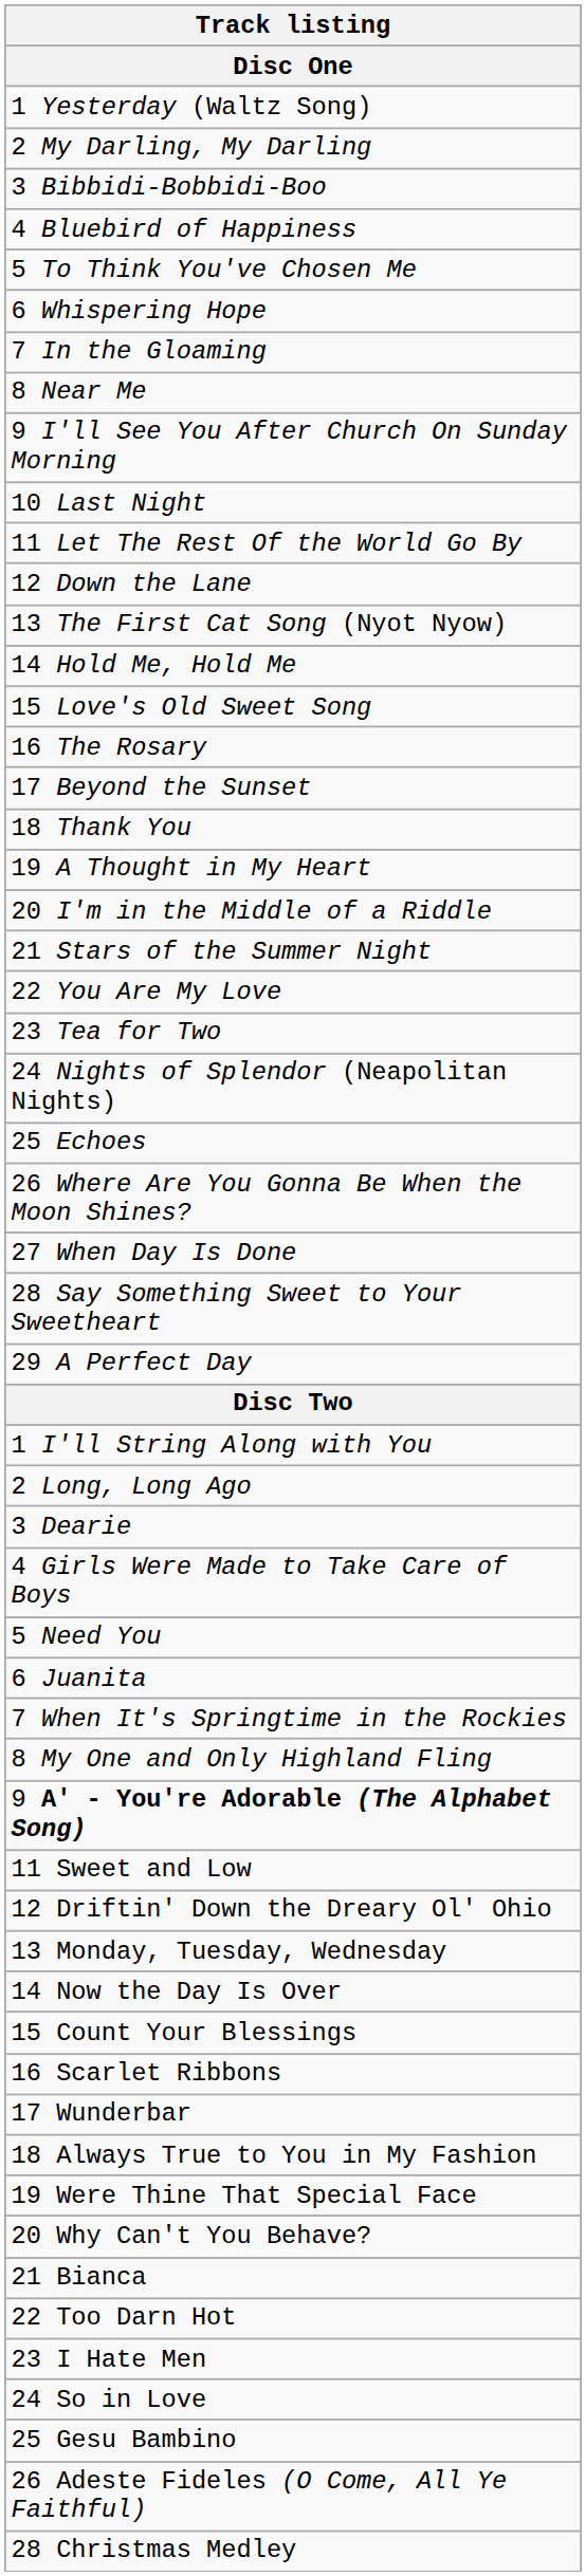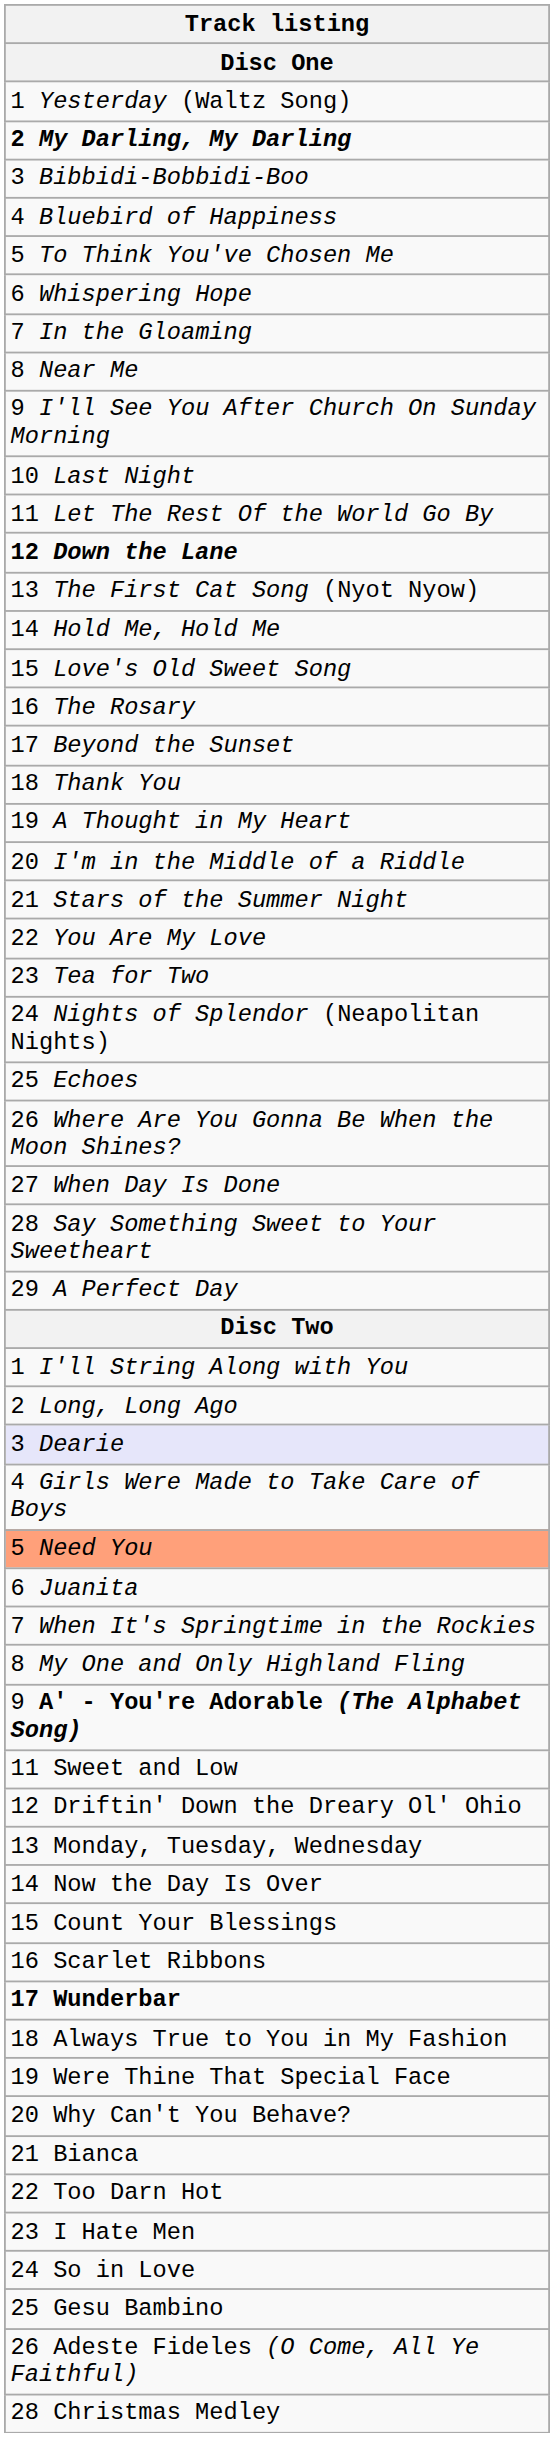 <table class="wikitable collapsible collapsed" style="width:300px;">
 <tr>
 <th>Track listing</th>
 </tr>
 <tr>
 <th>Disc One</th>
 </tr>
 <tr>
 <td>1 <em>Yesterday</em> (Waltz Song)</td>
 </tr>
 <tr>
-<td>2 <em>My Darling, My Darling</em></td>
+<td><strong>2 <em>My Darling, My Darling</em></strong></td>
 </tr>
 <tr>
 <td>3 <em>Bibbidi-Bobbidi-Boo</em></td>
 </tr>
 <tr>
 <td>4 <em>Bluebird of Happiness</em></td>
 </tr>
 <tr>
 <td>5 <em>To Think You've Chosen Me</em></td>
 </tr>
 <tr>
 <td>6 <em>Whispering Hope</em></td>
 </tr>
 <tr>
 <td>7 <em>In the Gloaming</em></td>
 </tr>
 <tr>
 <td>8 <em>Near Me</em></td>
 </tr>
 <tr>
 <td>9 <em>I'll See You After Church On Sunday Morning</em></td>
 </tr>
 <tr>
 <td>10 <em>Last Night</em></td>
 </tr>
 <tr>
 <td>11 <em>Let The Rest Of the World Go By</em></td>
 </tr>
 <tr>
-<td>12 <em>Down the Lane</em></td>
+<td><strong>12 <em>Down the Lane</em></strong></td>
 </tr>
 <tr>
 <td>13 <em>The First Cat Song</em> (Nyot Nyow)</td>
 </tr>
 <tr>
 <td>14 <em>Hold Me, Hold Me</em></td>
 </tr>
 <tr>
 <td>15 <em>Love's Old Sweet Song</em></td>
 </tr>
 <tr>
 <td>16 <em>The Rosary</em></td>
 </tr>
 <tr>
 <td>17 <em>Beyond the Sunset</em></td>
 </tr>
 <tr>
 <td>18 <em>Thank You</em></td>
 </tr>
 <tr>
 <td>19 <em>A Thought in My Heart</em></td>
 </tr>
 <tr>
 <td>20 <em>I'm in the Middle of a Riddle</em></td>
 </tr>
 <tr>
 <td>21 <em>Stars of the Summer Night</em></td>
 </tr>
 <tr>
 <td>22 <em>You Are My Love</em></td>
 </tr>
 <tr>
 <td>23 <em>Tea for Two</em></td>
 </tr>
 <tr>
 <td>24 <em>Nights of Splendor</em> (Neapolitan Nights)</td>
 </tr>
 <tr>
 <td>25 <em>Echoes</em></td>
 </tr>
 <tr>
 <td>26 <em>Where Are You Gonna Be When the Moon Shines?</em></td>
 </tr>
 <tr>
 <td>27 <em>When Day Is Done</em></td>
 </tr>
 <tr>
 <td>28 <em>Say Something Sweet to Your Sweetheart</em></td>
 </tr>
 <tr>
 <td>29 <em>A Perfect Day</em></td>
 </tr>
 <tr>
 <th>Disc Two</th>
 </tr>
 <tr>
 <td>1 <em>I'll String Along with You</em></td>
 </tr>
 <tr>
 <td>2 <em>Long, Long Ago</em></td>
 </tr>
 <tr>
-<td>3 <em>Dearie</em></td>
+<td style="background: lavender;">3 <em>Dearie</em></td>
 </tr>
 <tr>
 <td>4 <em>Girls Were Made to Take Care of Boys</em></td>
 </tr>
 <tr>
-<td>5 <em>Need You</em></td>
+<td style="background: lightsalmon;">5 <em>Need You</em></td>
 </tr>
 <tr>
 <td>6 <em>Juanita</em></td>
 </tr>
 <tr>
 <td>7 <em>When It's Springtime in the Rockies</em></td>
 </tr>
 <tr>
 <td>8 <em>My One and Only Highland Fling</em></td>
 </tr>
 <tr>
 <td>9 <strong>A' - You're Adorable<em> (The Alphabet Song)</td>
 </tr>
 <tr>
 <td>11 </em>Sweet and Low<em></td>
 </tr>
 <tr>
 <td>12 </em>Driftin' Down the Dreary Ol' Ohio<em></td>
 </tr>
 <tr>
 <td>13 </em>Monday, Tuesday, Wednesday<em></td>
 </tr>
 <tr>
 <td>14 </em>Now the Day Is Over<em></td>
 </tr>
 <tr>
 <td>15 </em>Count Your Blessings<em></td>
 </tr>
 <tr>
 <td>16 </em>Scarlet Ribbons<em></td>
 </tr>
 <tr>
-<td>17 </em>Wunderbar<em></td>
+<td><strong>17 </em>Wunderbar<em></strong></td>
 </tr>
 <tr>
 <td>18 </em>Always True to You in My Fashion<em></td>
 </tr>
 <tr>
 <td>19 </em>Were Thine That Special Face<em></td>
 </tr>
 <tr>
 <td>20 </em>Why Can't You Behave?<em></td>
 </tr>
 <tr>
 <td>21 </em>Bianca<em></td>
 </tr>
 <tr>
 <td>22 </em>Too Darn Hot<em></td>
 </tr>
 <tr>
 <td>23 </em>I Hate Men<em></td>
 </tr>
 <tr>
 <td>24 </em>So in Love<em></td>
 </tr>
 <tr>
 <td>25 </em>Gesu Bambino<em></td>
 </tr>
 <tr>
 <td>26 </em>Adeste Fideles<em> (O Come, All Ye Faithful)</td>
 </tr>
 <tr>
 <td>28 </em>Christmas Medley<em></td>
 </tr>
 </table>
